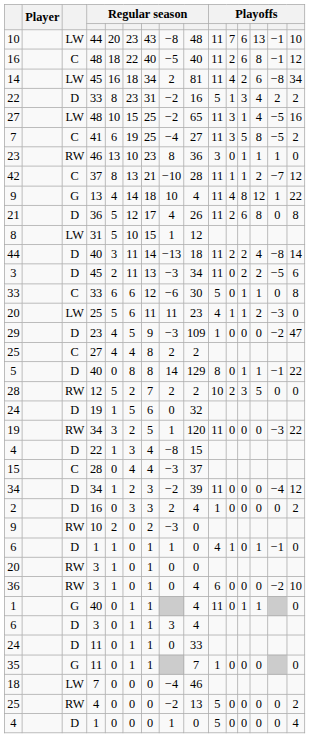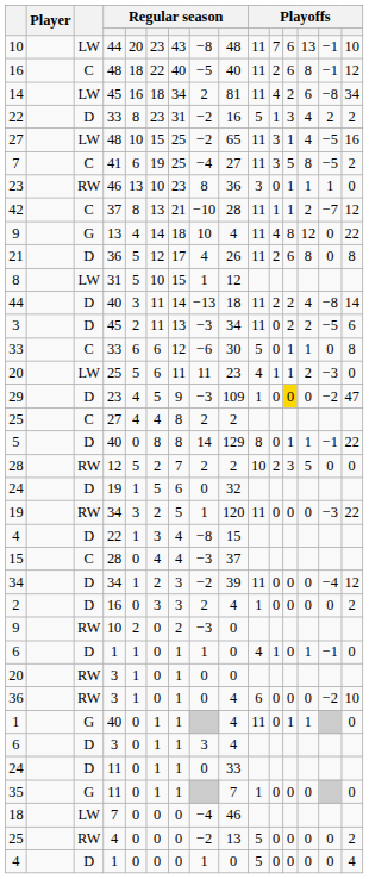 <table class="wikitable sortable plainrowheaders" style="text-align:center;">
 <tr>
 <th scope="col" data-sort-type="number" rowspan="2"></th>
 <th scope="col" rowspan="2">Player</th>
 <th scope="col" rowspan="2"></th>
 <th scope=colgroup colspan=6>Regular season</th>
 <th scope=colgroup colspan=6>Playoffs</th>
 </tr>
 <tr>
 <th scope="col" data-sort-type="number"></th>
 <th scope="col" data-sort-type="number"></th>
 <th scope="col" data-sort-type="number"></th>
 <th scope="col" data-sort-type="number"></th>
 <th scope="col" data-sort-type="number"></th>
 <th scope="col" data-sort-type="number"></th>
 <th scope="col" data-sort-type="number"></th>
 <th scope="col" data-sort-type="number"></th>
 <th scope="col" data-sort-type="number"></th>
 <th scope="col" data-sort-type="number"></th>
 <th scope="col" data-sort-type="number"></th>
 <th scope="col" data-sort-type="number"></th>
 </tr>
 <tr>
 <td scope="row">10</td>
 <td align="left"></td>
 <td>LW</td>
 <td>44</td>
 <td>20</td>
 <td>23</td>
 <td>43</td>
 <td>−8</td>
 <td>48</td>
 <td>11</td>
 <td>7</td>
 <td>6</td>
 <td>13</td>
 <td>−1</td>
 <td>10</td>
 </tr>
 <tr>
 <td scope="row">16</td>
 <td align="left"></td>
 <td>C</td>
 <td>48</td>
 <td>18</td>
 <td>22</td>
 <td>40</td>
 <td>−5</td>
 <td>40</td>
 <td>11</td>
 <td>2</td>
 <td>6</td>
 <td>8</td>
 <td>−1</td>
 <td>12</td>
 </tr>
 <tr>
 <td scope="row">14</td>
 <td align="left"></td>
 <td>LW</td>
 <td>45</td>
 <td>16</td>
 <td>18</td>
 <td>34</td>
 <td>2</td>
 <td>81</td>
 <td>11</td>
 <td>4</td>
 <td>2</td>
 <td>6</td>
 <td>−8</td>
 <td>34</td>
 </tr>
 <tr>
 <td scope="row">22</td>
 <td align="left"></td>
 <td>D</td>
 <td>33</td>
 <td>8</td>
 <td>23</td>
 <td>31</td>
 <td>−2</td>
 <td>16</td>
 <td>5</td>
 <td>1</td>
 <td>3</td>
 <td>4</td>
 <td>2</td>
 <td>2</td>
 </tr>
 <tr>
 <td scope="row">27</td>
 <td align="left"></td>
 <td>LW</td>
 <td>48</td>
 <td>10</td>
 <td>15</td>
 <td>25</td>
 <td>−2</td>
 <td>65</td>
 <td>11</td>
 <td>3</td>
 <td>1</td>
 <td>4</td>
 <td>−5</td>
 <td>16</td>
 </tr>
 <tr>
 <td scope="row">7</td>
 <td align="left"></td>
 <td>C</td>
 <td>41</td>
 <td>6</td>
 <td>19</td>
 <td>25</td>
 <td>−4</td>
 <td>27</td>
 <td>11</td>
 <td>3</td>
 <td>5</td>
 <td>8</td>
 <td>−5</td>
 <td>2</td>
 </tr>
 <tr>
 <td scope="row">23</td>
 <td align="left"></td>
 <td>RW</td>
 <td>46</td>
 <td>13</td>
 <td>10</td>
 <td>23</td>
 <td>8</td>
 <td>36</td>
 <td>3</td>
 <td>0</td>
 <td>1</td>
 <td>1</td>
 <td>1</td>
 <td>0</td>
 </tr>
 <tr>
 <td scope="row">42</td>
 <td align="left"></td>
 <td>C</td>
 <td>37</td>
 <td>8</td>
 <td>13</td>
 <td>21</td>
 <td>−10</td>
 <td>28</td>
 <td>11</td>
 <td>1</td>
 <td>1</td>
 <td>2</td>
 <td>−7</td>
 <td>12</td>
 </tr>
 <tr>
 <td scope="row">9</td>
 <td align="left"></td>
 <td>G</td>
 <td>13</td>
 <td>4</td>
 <td>14</td>
 <td>18</td>
 <td>10</td>
 <td>4</td>
 <td>11</td>
 <td>4</td>
 <td>8</td>
 <td>12</td>
-<td>1</td>
+<td>0</td>
 <td>22</td>
 </tr>
 <tr>
 <td scope="row">21</td>
 <td align="left"></td>
 <td>D</td>
 <td>36</td>
 <td>5</td>
 <td>12</td>
 <td>17</td>
 <td>4</td>
 <td>26</td>
 <td>11</td>
 <td>2</td>
 <td>6</td>
 <td>8</td>
 <td>0</td>
 <td>8</td>
 </tr>
 <tr>
 <td scope="row">8</td>
 <td align="left"></td>
 <td>LW</td>
 <td>31</td>
 <td>5</td>
 <td>10</td>
 <td>15</td>
 <td>1</td>
 <td>12</td>
 <td></td>
 <td></td>
 <td></td>
 <td></td>
 <td></td>
 <td></td>
 </tr>
 <tr>
 <td scope="row">44</td>
 <td align="left"></td>
 <td>D</td>
 <td>40</td>
 <td>3</td>
 <td>11</td>
 <td>14</td>
 <td>−13</td>
 <td>18</td>
 <td>11</td>
 <td>2</td>
 <td>2</td>
 <td>4</td>
 <td>−8</td>
 <td>14</td>
 </tr>
 <tr>
 <td scope="row">3</td>
 <td align="left"></td>
 <td>D</td>
 <td>45</td>
 <td>2</td>
 <td>11</td>
 <td>13</td>
 <td>−3</td>
 <td>34</td>
 <td>11</td>
 <td>0</td>
 <td>2</td>
 <td>2</td>
 <td>−5</td>
 <td>6</td>
 </tr>
 <tr>
 <td scope="row">33</td>
 <td align="left"></td>
 <td>C</td>
 <td>33</td>
 <td>6</td>
 <td>6</td>
 <td>12</td>
 <td>−6</td>
 <td>30</td>
 <td>5</td>
 <td>0</td>
 <td>1</td>
 <td>1</td>
 <td>0</td>
 <td>8</td>
 </tr>
 <tr>
 <td scope="row">20</td>
 <td align="left"></td>
 <td>LW</td>
 <td>25</td>
 <td>5</td>
 <td>6</td>
 <td>11</td>
 <td>11</td>
 <td>23</td>
 <td>4</td>
 <td>1</td>
 <td>1</td>
 <td>2</td>
 <td>−3</td>
 <td>0</td>
 </tr>
 <tr>
 <td scope="row">29</td>
 <td align="left"></td>
 <td>D</td>
 <td>23</td>
 <td>4</td>
 <td>5</td>
 <td>9</td>
 <td>−3</td>
 <td>109</td>
 <td>1</td>
 <td>0</td>
-<td>0</td>
+<td style="background: gold;">0</td>
 <td>0</td>
 <td>−2</td>
 <td>47</td>
 </tr>
 <tr>
 <td scope="row">25</td>
 <td align="left"></td>
 <td>C</td>
 <td>27</td>
 <td>4</td>
 <td>4</td>
 <td>8</td>
 <td>2</td>
 <td>2</td>
 <td></td>
 <td></td>
 <td></td>
 <td></td>
 <td></td>
 <td></td>
 </tr>
 <tr>
 <td scope="row">5</td>
 <td align="left"></td>
 <td>D</td>
 <td>40</td>
 <td>0</td>
 <td>8</td>
 <td>8</td>
 <td>14</td>
 <td>129</td>
 <td>8</td>
 <td>0</td>
 <td>1</td>
 <td>1</td>
 <td>−1</td>
 <td>22</td>
 </tr>
 <tr>
 <td scope="row">28</td>
 <td align="left"></td>
 <td>RW</td>
 <td>12</td>
 <td>5</td>
 <td>2</td>
 <td>7</td>
 <td>2</td>
 <td>2</td>
 <td>10</td>
 <td>2</td>
 <td>3</td>
 <td>5</td>
 <td>0</td>
 <td>0</td>
 </tr>
 <tr>
 <td scope="row">24</td>
 <td align="left"></td>
 <td>D</td>
 <td>19</td>
 <td>1</td>
 <td>5</td>
 <td>6</td>
 <td>0</td>
 <td>32</td>
 <td></td>
 <td></td>
 <td></td>
 <td></td>
 <td></td>
 <td></td>
 </tr>
 <tr>
 <td scope="row">19</td>
 <td align="left"></td>
 <td>RW</td>
 <td>34</td>
 <td>3</td>
 <td>2</td>
 <td>5</td>
 <td>1</td>
 <td>120</td>
 <td>11</td>
 <td>0</td>
 <td>0</td>
 <td>0</td>
 <td>−3</td>
 <td>22</td>
 </tr>
 <tr>
 <td scope="row">4</td>
 <td align="left"></td>
 <td>D</td>
 <td>22</td>
 <td>1</td>
 <td>3</td>
 <td>4</td>
 <td>−8</td>
 <td>15</td>
 <td></td>
 <td></td>
 <td></td>
 <td></td>
 <td></td>
 <td></td>
 </tr>
 <tr>
 <td scope="row">15</td>
 <td align="left"></td>
 <td>C</td>
 <td>28</td>
 <td>0</td>
 <td>4</td>
 <td>4</td>
 <td>−3</td>
 <td>37</td>
 <td></td>
 <td></td>
 <td></td>
 <td></td>
 <td></td>
 <td></td>
 </tr>
 <tr>
 <td scope="row">34</td>
 <td align="left"></td>
 <td>D</td>
 <td>34</td>
 <td>1</td>
 <td>2</td>
 <td>3</td>
 <td>−2</td>
 <td>39</td>
 <td>11</td>
 <td>0</td>
 <td>0</td>
 <td>0</td>
 <td>−4</td>
 <td>12</td>
 </tr>
 <tr>
 <td scope="row">2</td>
 <td align="left"></td>
 <td>D</td>
 <td>16</td>
 <td>0</td>
 <td>3</td>
 <td>3</td>
 <td>2</td>
 <td>4</td>
 <td>1</td>
 <td>0</td>
 <td>0</td>
 <td>0</td>
 <td>0</td>
 <td>2</td>
 </tr>
 <tr>
 <td scope="row">9</td>
 <td align="left"></td>
 <td>RW</td>
 <td>10</td>
 <td>2</td>
 <td>0</td>
 <td>2</td>
 <td>−3</td>
 <td>0</td>
 <td></td>
 <td></td>
 <td></td>
 <td></td>
 <td></td>
 <td></td>
 </tr>
 <tr>
 <td scope="row">6</td>
 <td align="left"></td>
 <td>D</td>
 <td>1</td>
 <td>1</td>
 <td>0</td>
 <td>1</td>
 <td>1</td>
 <td>0</td>
 <td>4</td>
 <td>1</td>
 <td>0</td>
 <td>1</td>
 <td>−1</td>
 <td>0</td>
 </tr>
 <tr>
 <td scope="row">20</td>
 <td align="left"></td>
 <td>RW</td>
 <td>3</td>
 <td>1</td>
 <td>0</td>
 <td>1</td>
 <td>0</td>
 <td>0</td>
 <td></td>
 <td></td>
 <td></td>
 <td></td>
 <td></td>
 <td></td>
 </tr>
 <tr>
 <td scope="row">36</td>
 <td align="left"></td>
 <td>RW</td>
 <td>3</td>
 <td>1</td>
 <td>0</td>
 <td>1</td>
 <td>0</td>
 <td>4</td>
 <td>6</td>
 <td>0</td>
 <td>0</td>
 <td>0</td>
 <td>−2</td>
 <td>10</td>
 </tr>
 <tr>
 <td scope="row">1</td>
 <td align="left"></td>
 <td>G</td>
 <td>40</td>
 <td>0</td>
 <td>1</td>
 <td>1</td>
 <td style="background:#ccc"></td>
 <td>4</td>
 <td>11</td>
 <td>0</td>
 <td>1</td>
 <td>1</td>
 <td style="background:#ccc"></td>
 <td>0</td>
 </tr>
 <tr>
 <td scope="row">6</td>
 <td align="left"></td>
 <td>D</td>
 <td>3</td>
 <td>0</td>
 <td>1</td>
 <td>1</td>
 <td>3</td>
 <td>4</td>
 <td></td>
 <td></td>
 <td></td>
 <td></td>
 <td></td>
 <td></td>
 </tr>
 <tr>
 <td scope="row">24</td>
 <td align="left"></td>
 <td>D</td>
 <td>11</td>
 <td>0</td>
 <td>1</td>
 <td>1</td>
 <td>0</td>
 <td>33</td>
 <td></td>
 <td></td>
 <td></td>
 <td></td>
 <td></td>
 <td></td>
 </tr>
 <tr>
 <td scope="row">35</td>
 <td align="left"></td>
 <td>G</td>
 <td>11</td>
 <td>0</td>
 <td>1</td>
 <td>1</td>
 <td style="background:#ccc"></td>
 <td>7</td>
 <td>1</td>
 <td>0</td>
 <td>0</td>
 <td>0</td>
 <td style="background:#ccc"></td>
 <td>0</td>
 </tr>
 <tr>
 <td scope="row">18</td>
 <td align="left"></td>
 <td>LW</td>
 <td>7</td>
 <td>0</td>
 <td>0</td>
 <td>0</td>
 <td>−4</td>
 <td>46</td>
 <td></td>
 <td></td>
 <td></td>
 <td></td>
 <td></td>
 <td></td>
 </tr>
 <tr>
 <td scope="row">25</td>
 <td align="left"></td>
 <td>RW</td>
 <td>4</td>
 <td>0</td>
 <td>0</td>
 <td>0</td>
 <td>−2</td>
 <td>13</td>
 <td>5</td>
 <td>0</td>
 <td>0</td>
 <td>0</td>
 <td>0</td>
 <td>2</td>
 </tr>
 <tr>
 <td scope="row">4</td>
 <td align="left"></td>
 <td>D</td>
 <td>1</td>
 <td>0</td>
 <td>0</td>
 <td>0</td>
 <td>1</td>
 <td>0</td>
 <td>5</td>
 <td>0</td>
 <td>0</td>
 <td>0</td>
 <td>0</td>
 <td>4</td>
 </tr>
 </table>
